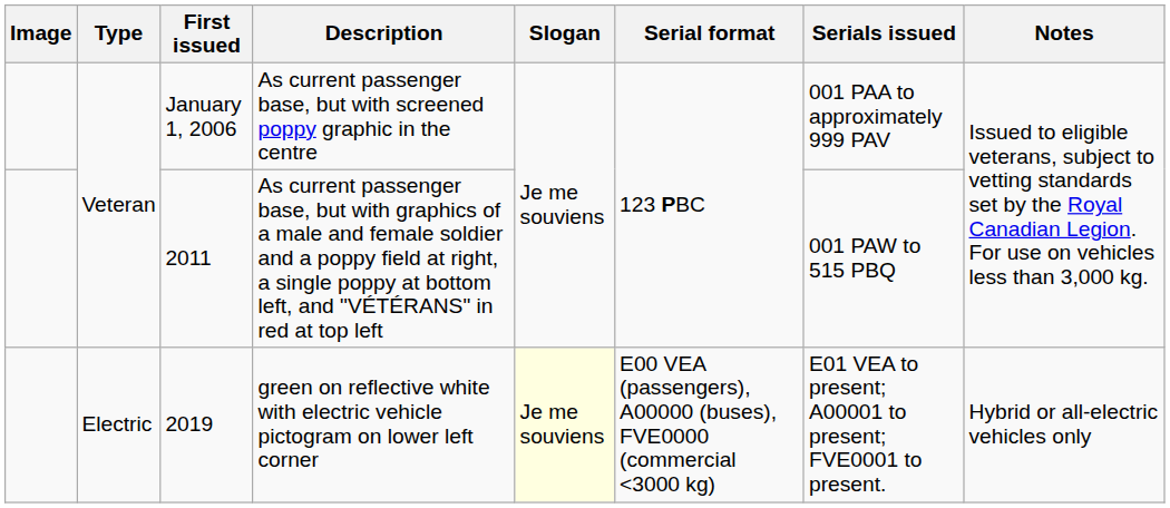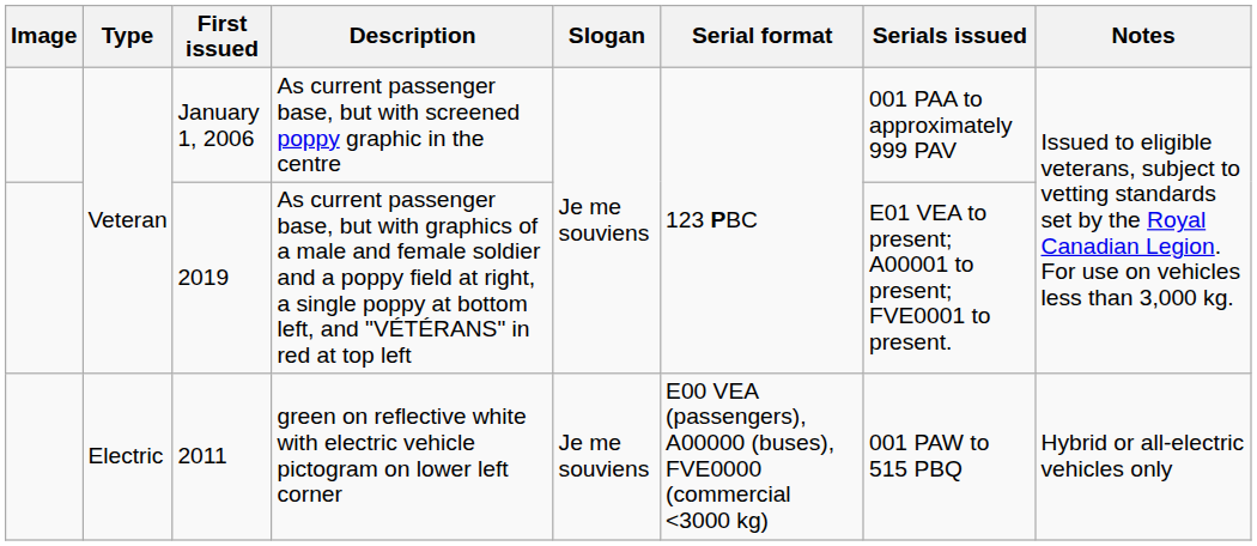 <table class="wikitable">
 <tr>
 <th>Image</th>
 <th>Type</th>
 <th>First issued</th>
 <th>Description</th>
 <th>Slogan</th>
 <th>Serial format</th>
 <th>Serials issued</th>
 <th>Notes</th>
 </tr>
 <tr>
 <td></td>
 <td rowspan="2">Veteran</td>
 <td>January 1, 2006</td>
 <td>As current passenger base, but with screened <a href='#'>poppy</a> graphic in the centre</td>
 <td rowspan="2">Je me souviens</td>
 <td rowspan="2">123 <strong>P</strong>BC</td>
 <td>001 PAA to approximately 999 PAV</td>
 <td rowspan="2">Issued to eligible veterans, subject to vetting standards set by the <a href='#'>Royal Canadian Legion</a>. For use on vehicles less than 3,000 kg.</td>
 </tr>
 <tr>
 <td></td>
-<td>2011</td>
+<td>2019</td>
 <td>As current passenger base, but with graphics of a male and female soldier and a poppy field at right, a single poppy at bottom left, and "VÉTÉRANS" in red at top left</td>
-<td>001 PAW to 515 PBQ </td>
+<td>E01 VEA to present;<br> A00001 to present;<br> FVE0001 to present.</td>
 </tr>
 <tr>
 <td></td>
 <td>Electric</td>
-<td>2019</td>
+<td>2011</td>
 <td>green on reflective white with electric vehicle pictogram on lower left corner </td>
-<td style="background: lightyellow;">Je me souviens</td>
+<td>Je me souviens</td>
 <td>E00 VEA (passengers), A00000 (buses), FVE0000 (commercial <3000 kg)</td>
-<td>E01 VEA to present;<br> A00001 to present;<br> FVE0001 to present.</td>
+<td>001 PAW to 515 PBQ </td>
 <td>Hybrid or all-electric vehicles only</td>
 </tr>
 </table>
